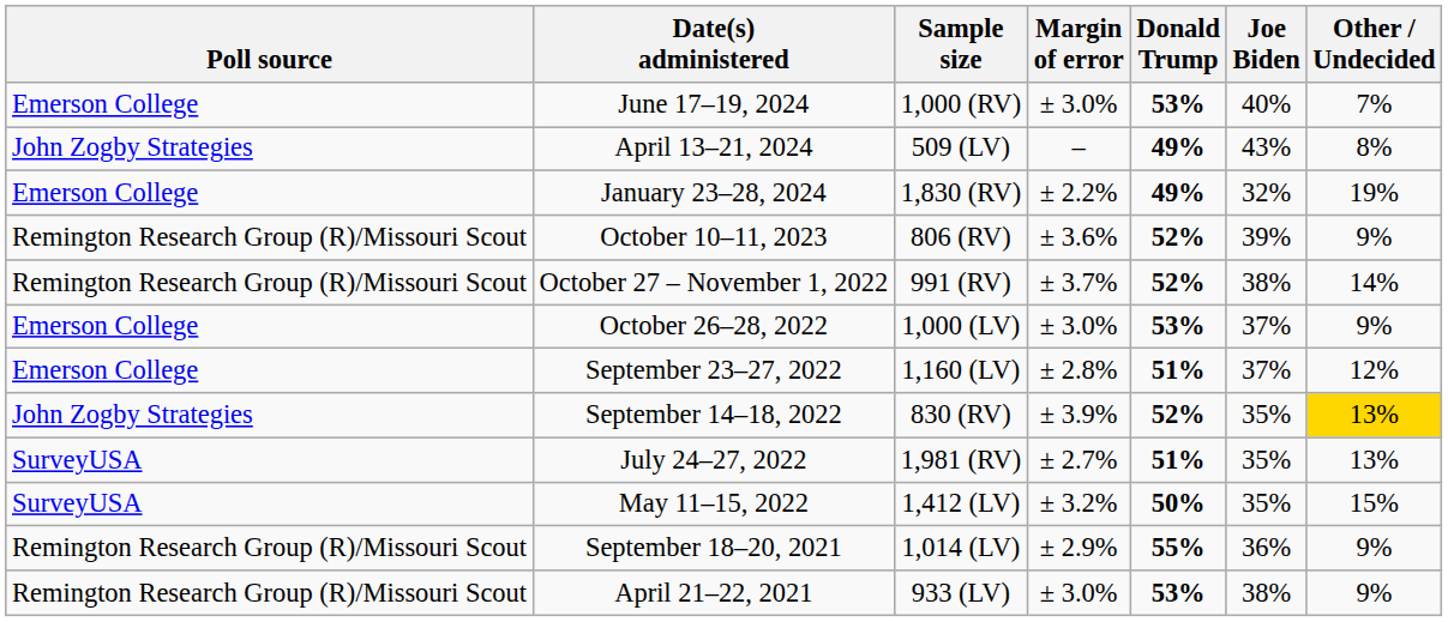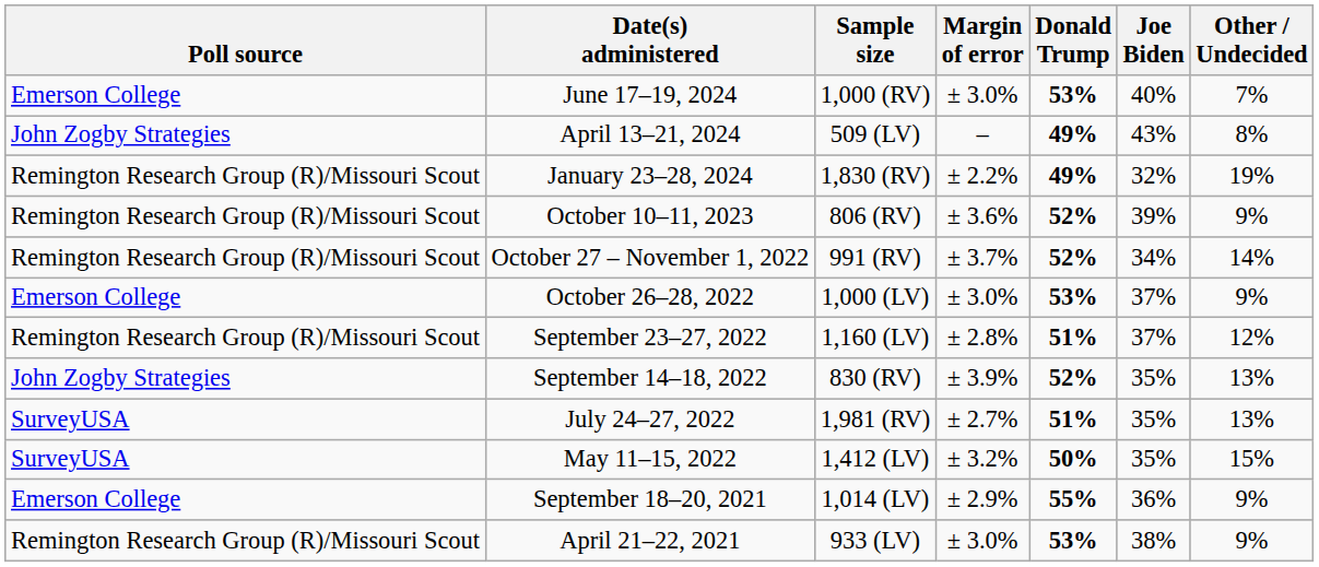 <table class="wikitable sortable mw-datatable" style="font-size:90%;text-align:center;line-height:17px">
 <tr valign=bottom>
 <th>Poll source</th>
 <th>Date(s)<br>administered</th>
 <th>Sample<br>size</th>
 <th>Margin<br>of error</th>
 <th class="unsortable">Donald<br>Trump<br></th>
 <th class="unsortable">Joe<br>Biden<br></th>
 <th class="unsortable">Other /<br>Undecided</th>
 </tr>
 <tr>
 <td style="text-align:left;"><a href='#'>Emerson College</a></td>
 <td data-sort-value="2024-06-21">June 17–19, 2024</td>
 <td>1,000 (RV)</td>
 <td>± 3.0%</td>
 <td style="background-color:"><strong>53%</strong></td>
 <td>40%</td>
 <td>7%</td>
 </tr>
 <tr>
 <td style="text-align:left;"><a href='#'>John Zogby Strategies</a></td>
 <td data-sort-value="2024-05-01">April 13–21, 2024</td>
 <td>509 (LV)</td>
 <td>–</td>
 <td style="background-color:"><strong>49%</strong></td>
 <td>43%</td>
 <td>8%</td>
 </tr>
 <tr>
-<td style="text-align:left;"><a href='#'>Emerson College</a></td>
+<td style="text-align:left;">Remington Research Group (R)/Missouri Scout</td>
 <td data-sort-value="2024-02-02">January 23–28, 2024</td>
 <td>1,830 (RV)</td>
 <td>± 2.2%</td>
 <td style="background-color:"><strong>49%</strong></td>
 <td>32%</td>
 <td>19%</td>
 </tr>
 <tr>
 <td style="text-align:left;">Remington Research Group (R)/Missouri Scout</td>
 <td data-sort-value="2023-10-12">October 10–11, 2023</td>
 <td>806 (RV)</td>
 <td>± 3.6%</td>
 <td style="background-color:"><strong>52%</strong></td>
 <td>39%</td>
 <td>9%</td>
 </tr>
 <tr>
 <td style="text-align:left;">Remington Research Group (R)/Missouri Scout</td>
 <td data-sort-value="2022-11-01">October 27 – November 1, 2022</td>
 <td>991 (RV)</td>
 <td>± 3.7%</td>
 <td style="background-color:"><strong>52%</strong></td>
-<td>38%</td>
+<td>34%</td>
 <td>14%</td>
 </tr>
 <tr>
 <td style="text-align:left;"><a href='#'>Emerson College</a></td>
 <td data-sort-value="2022-10-28">October 26–28, 2022</td>
 <td>1,000 (LV)</td>
 <td>± 3.0%</td>
 <td style="background-color:"><strong>53%</strong></td>
 <td>37%</td>
 <td>9%</td>
 </tr>
 <tr>
-<td style="text-align:left;"><a href='#'>Emerson College</a></td>
+<td style="text-align:left;">Remington Research Group (R)/Missouri Scout</td>
 <td data-sort-value="2022-09-27">September 23–27, 2022</td>
 <td>1,160 (LV)</td>
 <td>± 2.8%</td>
 <td style="background-color:"><strong>51%</strong></td>
 <td>37%</td>
 <td>12%</td>
 </tr>
 <tr>
 <td style="text-align:left;"><a href='#'>John Zogby Strategies</a></td>
 <td data-sort-value="2022-09-18">September 14–18, 2022</td>
 <td>830 (RV)</td>
 <td>± 3.9%</td>
 <td style="background-color:"><strong>52%</strong></td>
 <td>35%</td>
-<td style="background: gold;">13%</td>
+<td>13%</td>
 </tr>
 <tr>
 <td style="text-align:left;"><a href='#'>SurveyUSA</a></td>
 <td data-sort-value="2022-07-27">July 24–27, 2022</td>
 <td>1,981 (RV)</td>
 <td>± 2.7%</td>
 <td style="background-color:"><strong>51%</strong></td>
 <td>35%</td>
 <td>13%</td>
 </tr>
 <tr>
 <td style="text-align:left;"><a href='#'>SurveyUSA</a></td>
 <td data-sort-value="2022-05-15">May 11–15, 2022</td>
 <td>1,412 (LV)</td>
 <td>± 3.2%</td>
 <td style="background-color:"><strong>50%</strong></td>
 <td>35%</td>
 <td>15%</td>
 </tr>
 <tr>
-<td style="text-align:left;">Remington Research Group (R)/Missouri Scout</td>
+<td style="text-align:left;"><a href='#'>Emerson College</a></td>
 <td data-sort-value="2021-09-20">September 18–20, 2021</td>
 <td>1,014 (LV)</td>
 <td>± 2.9%</td>
 <td style="background-color:"><strong>55%</strong></td>
 <td>36%</td>
 <td>9%</td>
 </tr>
 <tr>
 <td style="text-align:left;">Remington Research Group (R)/Missouri Scout</td>
 <td data-sort-value="2021-04-22">April 21–22, 2021</td>
 <td>933 (LV)</td>
 <td>± 3.0%</td>
 <td style="background-color:"><strong>53%</strong></td>
 <td>38%</td>
 <td>9%</td>
 </tr>
 </table>
